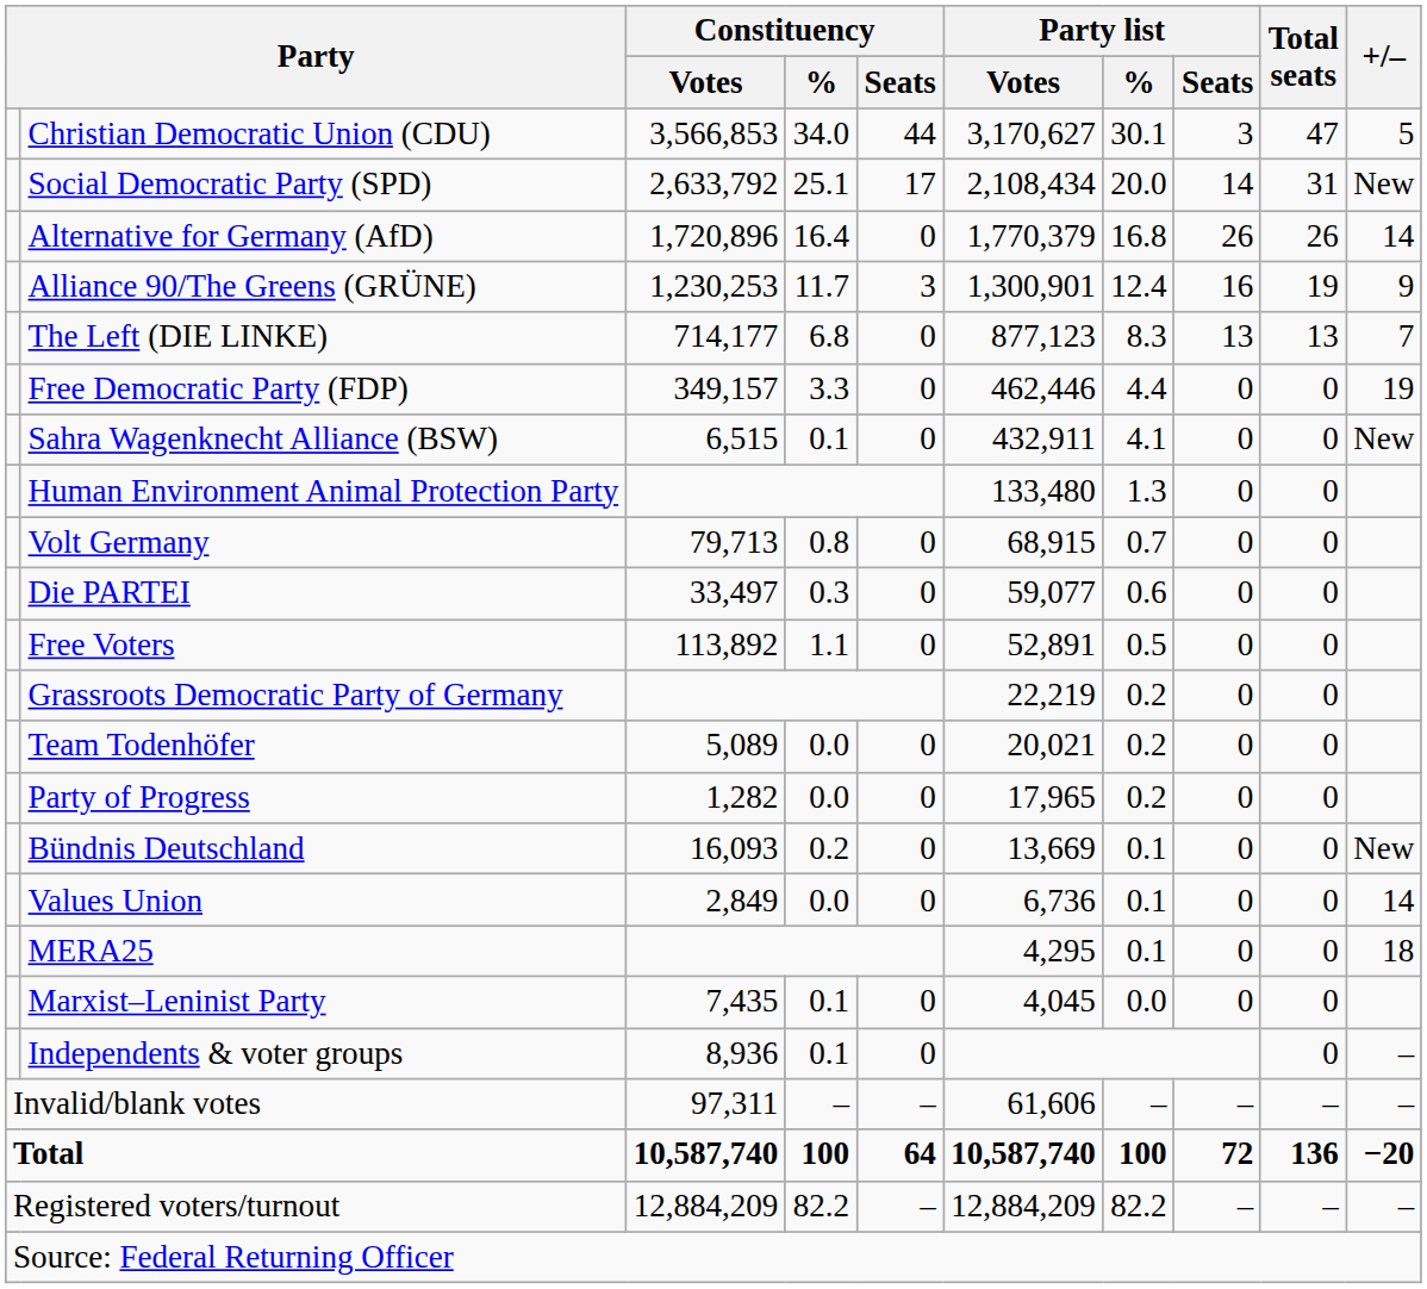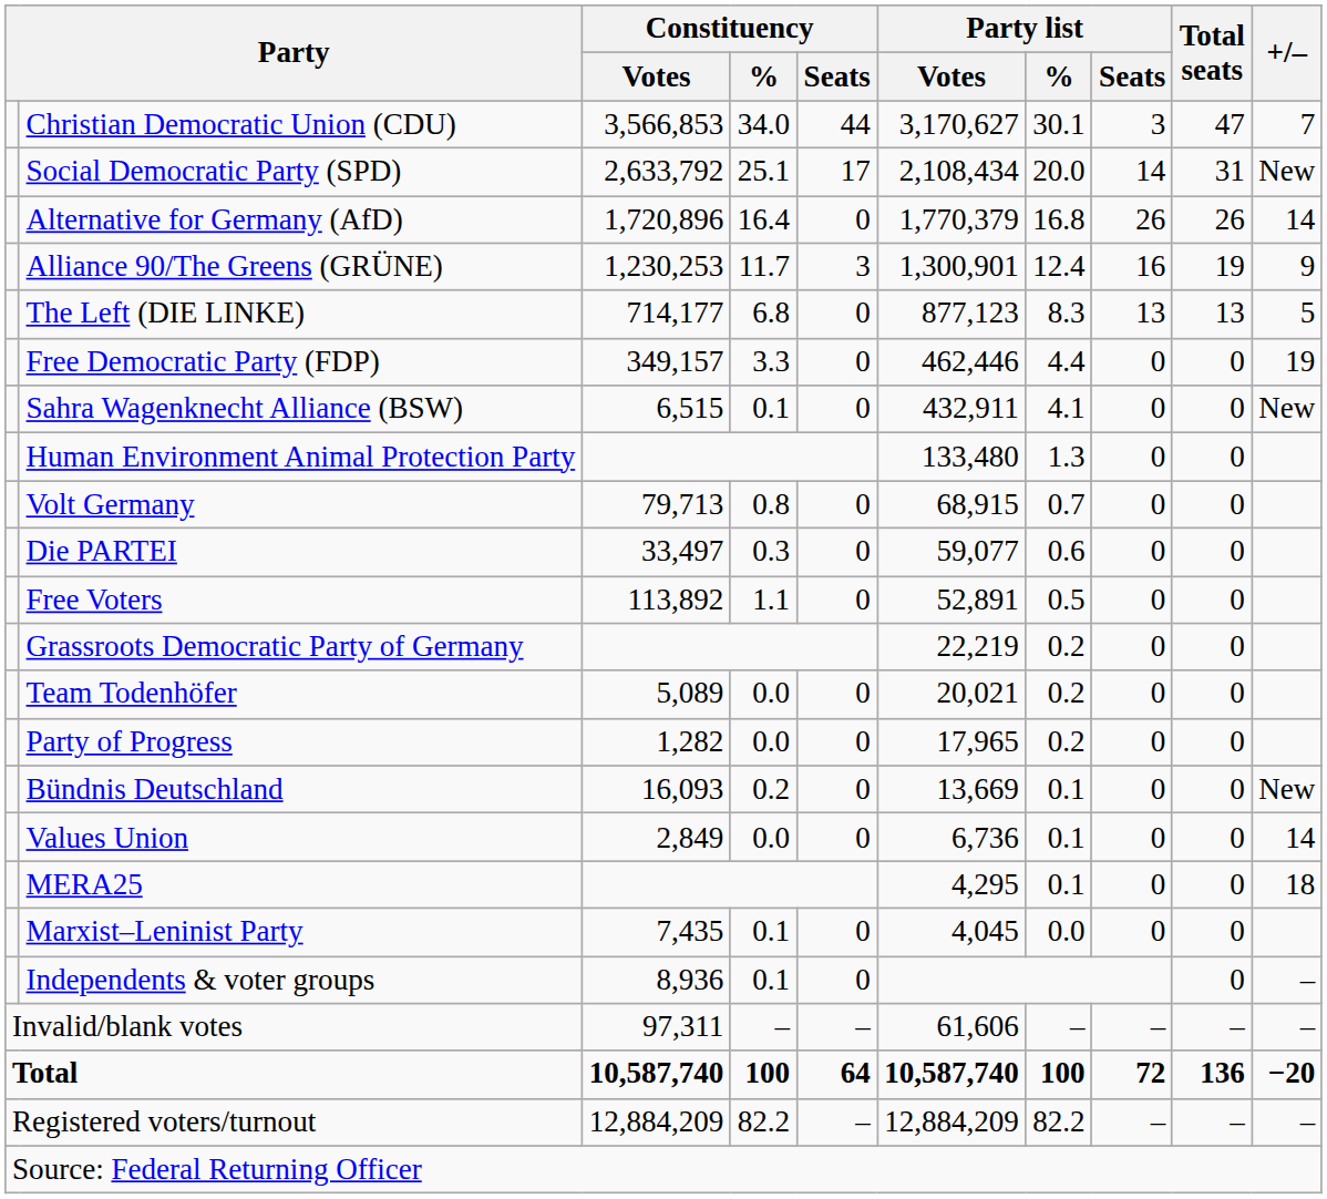 <table class="wikitable" style="text-align:right">
 <tr>
 <th colspan="2" rowspan="2">Party</th>
 <th colspan="3">Constituency</th>
 <th colspan="3">Party list</th>
 <th rowspan="2">Total<br>seats</th>
 <th rowspan="2">+/–</th>
 </tr>
 <tr>
 <th>Votes</th>
 <th>%</th>
 <th>Seats</th>
 <th>Votes</th>
 <th>%</th>
 <th>Seats</th>
 </tr>
 <tr>
 <td></td>
 <td align="left"><a href='#'>Christian Democratic Union</a> (CDU)</td>
 <td>3,566,853</td>
 <td>34.0</td>
 <td>44</td>
 <td>3,170,627</td>
 <td>30.1</td>
 <td>3</td>
 <td>47</td>
-<td> 5</td>
+<td> 7</td>
 </tr>
 <tr>
 <td></td>
 <td align="left"><a href='#'>Social Democratic Party</a> (SPD)</td>
 <td>2,633,792</td>
 <td>25.1</td>
 <td>17</td>
 <td>2,108,434</td>
 <td>20.0</td>
 <td>14</td>
 <td>31</td>
 <td>New</td>
 </tr>
 <tr>
 <td></td>
 <td align="left"><a href='#'>Alternative for Germany</a> (AfD)</td>
 <td>1,720,896</td>
 <td>16.4</td>
 <td>0</td>
 <td>1,770,379</td>
 <td>16.8</td>
 <td>26</td>
 <td>26</td>
 <td> 14</td>
 </tr>
 <tr>
 <td></td>
 <td align="left"><a href='#'>Alliance 90/The Greens</a> (GRÜNE)</td>
 <td>1,230,253</td>
 <td>11.7</td>
 <td>3</td>
 <td>1,300,901</td>
 <td>12.4</td>
 <td>16</td>
 <td>19</td>
 <td> 9</td>
 </tr>
 <tr>
 <td></td>
 <td align="left"><a href='#'>The Left</a> (DIE LINKE)</td>
 <td>714,177</td>
 <td>6.8</td>
 <td>0</td>
 <td>877,123</td>
 <td>8.3</td>
 <td>13</td>
 <td>13</td>
-<td> 7</td>
+<td> 5</td>
 </tr>
 <tr>
 <td></td>
 <td align="left"><a href='#'>Free Democratic Party</a> (FDP)</td>
 <td>349,157</td>
 <td>3.3</td>
 <td>0</td>
 <td>462,446</td>
 <td>4.4</td>
 <td>0</td>
 <td>0</td>
 <td> 19</td>
 </tr>
 <tr>
 <td style="background-color:"></td>
 <td align="left"><a href='#'>Sahra Wagenknecht Alliance</a> (BSW)</td>
 <td>6,515</td>
 <td>0.1</td>
 <td>0</td>
 <td>432,911</td>
 <td>4.1</td>
 <td>0</td>
 <td>0</td>
 <td>New</td>
 </tr>
 <tr>
 <td style="background-color:"></td>
 <td align="left"><a href='#'>Human Environment Animal Protection Party</a></td>
 <td colspan="3"></td>
 <td>133,480</td>
 <td>1.3</td>
 <td>0</td>
 <td>0</td>
 <td></td>
 </tr>
 <tr>
 <td style="background-color:"></td>
 <td align="left"><a href='#'>Volt Germany</a></td>
 <td>79,713</td>
 <td>0.8</td>
 <td>0</td>
 <td>68,915</td>
 <td>0.7</td>
 <td>0</td>
 <td>0</td>
 <td></td>
 </tr>
 <tr>
 <td style="background-color:"></td>
 <td align="left"><a href='#'>Die PARTEI</a></td>
 <td>33,497</td>
 <td>0.3</td>
 <td>0</td>
 <td>59,077</td>
 <td>0.6</td>
 <td>0</td>
 <td>0</td>
 <td></td>
 </tr>
 <tr>
 <td style="background-color:"></td>
 <td align="left"><a href='#'>Free Voters</a></td>
 <td>113,892</td>
 <td>1.1</td>
 <td>0</td>
 <td>52,891</td>
 <td>0.5</td>
 <td>0</td>
 <td>0</td>
 <td></td>
 </tr>
 <tr>
 <td style="background-color:"></td>
 <td align="left"><a href='#'>Grassroots Democratic Party of Germany</a></td>
 <td colspan="3"></td>
 <td>22,219</td>
 <td>0.2</td>
 <td>0</td>
 <td>0</td>
 <td></td>
 </tr>
 <tr>
 <td style="background-color:"></td>
 <td align="left"><a href='#'>Team Todenhöfer</a></td>
 <td>5,089</td>
 <td>0.0</td>
 <td>0</td>
 <td>20,021</td>
 <td>0.2</td>
 <td>0</td>
 <td>0</td>
 <td></td>
 </tr>
 <tr>
 <td style="background-color:"></td>
 <td align="left"><a href='#'>Party of Progress</a></td>
 <td>1,282</td>
 <td>0.0</td>
 <td>0</td>
 <td>17,965</td>
 <td>0.2</td>
 <td>0</td>
 <td>0</td>
 <td></td>
 </tr>
 <tr>
 <td style="background-color:"></td>
 <td align="left"><a href='#'>Bündnis Deutschland</a></td>
 <td>16,093</td>
 <td>0.2</td>
 <td>0</td>
 <td>13,669</td>
 <td>0.1</td>
 <td>0</td>
 <td>0</td>
 <td>New</td>
 </tr>
 <tr>
 <td style="background-color:"></td>
 <td align="left"><a href='#'>Values Union</a></td>
 <td>2,849</td>
 <td>0.0</td>
 <td>0</td>
 <td>6,736</td>
 <td>0.1</td>
 <td>0</td>
 <td>0</td>
 <td> 14</td>
 </tr>
 <tr>
 <td style="background-color:"></td>
 <td align="left"><a href='#'>MERA25</a></td>
 <td colspan="3"></td>
 <td>4,295</td>
 <td>0.1</td>
 <td>0</td>
 <td>0</td>
 <td> 18</td>
 </tr>
 <tr>
 <td style="background-color:"></td>
 <td align="left"><a href='#'>Marxist–Leninist Party</a></td>
 <td>7,435</td>
 <td>0.1</td>
 <td>0</td>
 <td>4,045</td>
 <td>0.0</td>
 <td>0</td>
 <td>0</td>
 <td></td>
 </tr>
 <tr>
 <td style="background-color:"></td>
 <td align="left"><a href='#'>Independents</a> & voter groups</td>
 <td>8,936</td>
 <td>0.1</td>
 <td>0</td>
 <td colspan="3"></td>
 <td>0</td>
 <td>–</td>
 </tr>
 <tr>
 <td colspan="2" align="left">Invalid/blank votes</td>
 <td>97,311</td>
 <td>–</td>
 <td>–</td>
 <td>61,606</td>
 <td>–</td>
 <td>–</td>
 <td>–</td>
 <td>–</td>
 </tr>
 <tr>
 <td colspan="2" align="left"><strong>Total</strong></td>
 <td><strong>10,587,740</strong></td>
 <td><strong>100</strong></td>
 <td><strong>64</strong></td>
 <td><strong>10,587,740</strong></td>
 <td><strong>100</strong></td>
 <td><strong>72</strong></td>
 <td><strong>136</strong></td>
 <td><strong>−20</strong></td>
 </tr>
 <tr>
 <td colspan="2" align="left">Registered voters/turnout</td>
 <td>12,884,209</td>
 <td>82.2</td>
 <td>–</td>
 <td>12,884,209</td>
 <td>82.2</td>
 <td>–</td>
 <td>–</td>
 <td>–</td>
 </tr>
 <tr>
 <td colspan="10" align="left">Source: <a href='#'>Federal Returning Officer</a></td>
 </tr>
 </table>
